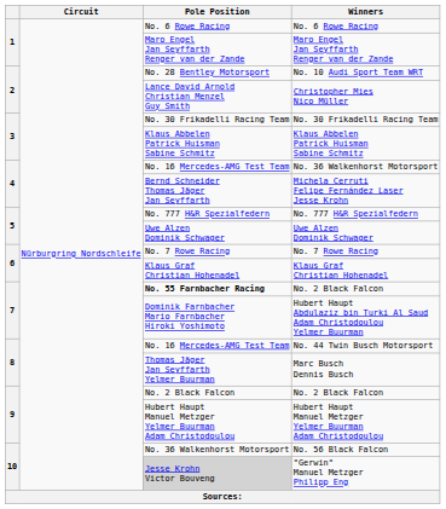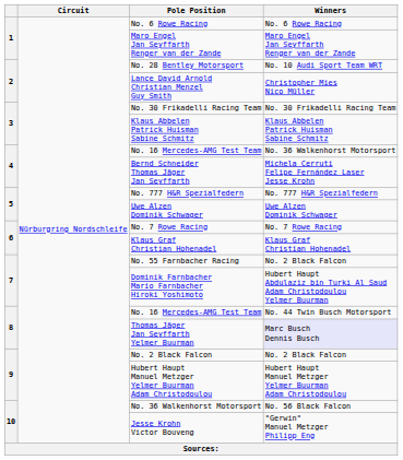 <table class="wikitable" style="font-size: 85%;">
 <tr>
 <th></th>
 <th>Circuit</th>
 <th>Pole Position</th>
 <th>Winners</th>
 </tr>
 <tr>
 <th rowspan=2>1</th>
 <td rowspan="20"> <a href='#'>Nürburgring Nordschleife</a></td>
 <td>No. 6  <a href='#'>Rowe Racing</a></td>
 <td>No. 6  <a href='#'>Rowe Racing</a></td>
 </tr>
 <tr>
 <td> <a href='#'>Maro Engel</a><br> <a href='#'>Jan Seyffarth</a><br> <a href='#'>Renger van der Zande</a></td>
 <td> <a href='#'>Maro Engel</a><br> <a href='#'>Jan Seyffarth</a><br> <a href='#'>Renger van der Zande</a></td>
 </tr>
 <tr>
 <th rowspan=2>2</th>
 <td>No. 28  <a href='#'>Bentley Motorsport</a></td>
 <td>No. 10  <a href='#'>Audi Sport Team WRT</a></td>
 </tr>
 <tr>
 <td> <a href='#'>Lance David Arnold</a><br> <a href='#'>Christian Menzel</a><br> <a href='#'>Guy Smith</a></td>
 <td> <a href='#'>Christopher Mies</a><br> <a href='#'>Nico Müller</a></td>
 </tr>
 <tr>
 <th rowspan=2>3</th>
 <td>No. 30  Frikadelli Racing Team</td>
 <td>No. 30  Frikadelli Racing Team</td>
 </tr>
 <tr>
 <td> <a href='#'>Klaus Abbelen</a><br> <a href='#'>Patrick Huisman</a><br> <a href='#'>Sabine Schmitz</a></td>
 <td> <a href='#'>Klaus Abbelen</a><br> <a href='#'>Patrick Huisman</a><br> <a href='#'>Sabine Schmitz</a></td>
 </tr>
 <tr>
 <th rowspan=2>4</th>
 <td>No. 16  <a href='#'>Mercedes-AMG Test Team</a></td>
 <td>No. 36  Walkenhorst Motorsport</td>
 </tr>
 <tr>
 <td> <a href='#'>Bernd Schneider</a><br> <a href='#'>Thomas Jäger</a><br> <a href='#'>Jan Seyffarth</a></td>
 <td> <a href='#'>Michela Cerruti</a><br> <a href='#'>Felipe Fernández Laser</a><br> <a href='#'>Jesse Krohn</a></td>
 </tr>
 <tr>
 <th rowspan=2>5</th>
 <td>No. 777  <a href='#'>H&R Spezialfedern</a></td>
 <td>No. 777  <a href='#'>H&R Spezialfedern</a></td>
 </tr>
 <tr>
 <td> <a href='#'>Uwe Alzen</a><br> <a href='#'>Dominik Schwager</a></td>
 <td> <a href='#'>Uwe Alzen</a><br> <a href='#'>Dominik Schwager</a></td>
 </tr>
 <tr>
 <th rowspan=2>6</th>
 <td>No. 7  <a href='#'>Rowe Racing</a></td>
 <td>No. 7  <a href='#'>Rowe Racing</a></td>
 </tr>
 <tr>
 <td> <a href='#'>Klaus Graf</a><br> <a href='#'>Christian Hohenadel</a></td>
 <td> <a href='#'>Klaus Graf</a><br> <a href='#'>Christian Hohenadel</a></td>
 </tr>
 <tr>
 <th rowspan=2>7</th>
-<td><strong>No. 55  Farnbacher Racing</strong></td>
+<td>No. 55  Farnbacher Racing</td>
 <td>No. 2  Black Falcon</td>
 </tr>
 <tr>
 <td> <a href='#'>Dominik Farnbacher</a><br> <a href='#'>Mario Farnbacher</a><br> <a href='#'>Hiroki Yoshimoto</a></td>
 <td> Hubert Haupt<br> <a href='#'>Abdulaziz bin Turki Al Saud</a><br> <a href='#'>Adam Christodoulou</a><br> <a href='#'>Yelmer Buurman</a></td>
 </tr>
 <tr>
 <th rowspan=2>8</th>
 <td>No. 16  <a href='#'>Mercedes-AMG Test Team</a></td>
 <td>No. 44  Twin Busch Motorsport</td>
 </tr>
 <tr>
 <td> <a href='#'>Thomas Jäger</a><br> <a href='#'>Jan Seyffarth</a><br> <a href='#'>Yelmer Buurman</a></td>
-<td> Marc Busch<br> Dennis Busch</td>
+<td style="background: lavender;"> Marc Busch<br> Dennis Busch</td>
 </tr>
 <tr>
 <th rowspan=2>9</th>
 <td>No. 2  Black Falcon</td>
 <td>No. 2  Black Falcon</td>
 </tr>
 <tr>
 <td> Hubert Haupt<br> Manuel Metzger<br> <a href='#'>Yelmer Buurman</a><br> <a href='#'>Adam Christodoulou</a></td>
 <td> Hubert Haupt<br> Manuel Metzger<br> <a href='#'>Yelmer Buurman</a><br> <a href='#'>Adam Christodoulou</a></td>
 </tr>
 <tr>
 <th rowspan=2>10</th>
 <td>No. 36  Walkenhorst Motorsport</td>
 <td>No. 56  Black Falcon</td>
 </tr>
 <tr>
-<td style="background: lightgrey;"> <a href='#'>Jesse Krohn</a><br> Victor Bouveng</td>
+<td> <a href='#'>Jesse Krohn</a><br> Victor Bouveng</td>
 <td> "Gerwin"<br> Manuel Metzger<br> <a href='#'>Philipp Eng</a></td>
 </tr>
 <tr>
 <th colspan=4>Sources:</th>
 </tr>
 </table>
